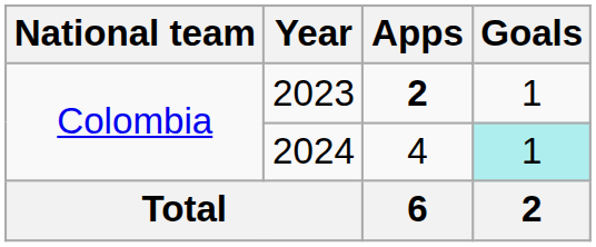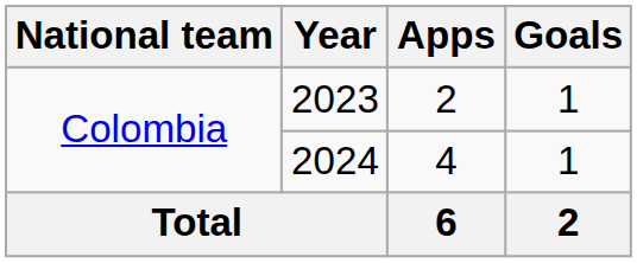 <table class="wikitable" style="text-align:center">
 <tr>
 <th>National team</th>
 <th>Year</th>
 <th>Apps</th>
 <th>Goals</th>
 </tr>
 <tr>
 <td rowspan="2"><a href='#'>Colombia</a></td>
 <td>2023</td>
-<td><strong>2</strong></td>
+<td>2</td>
 <td>1</td>
 </tr>
 <tr>
 <td>2024</td>
 <td>4</td>
-<td style="background: paleturquoise;">1</td>
+<td>1</td>
 </tr>
 <tr>
 <th colspan="2">Total</th>
 <th>6</th>
 <th>2</th>
 </tr>
 </table>
